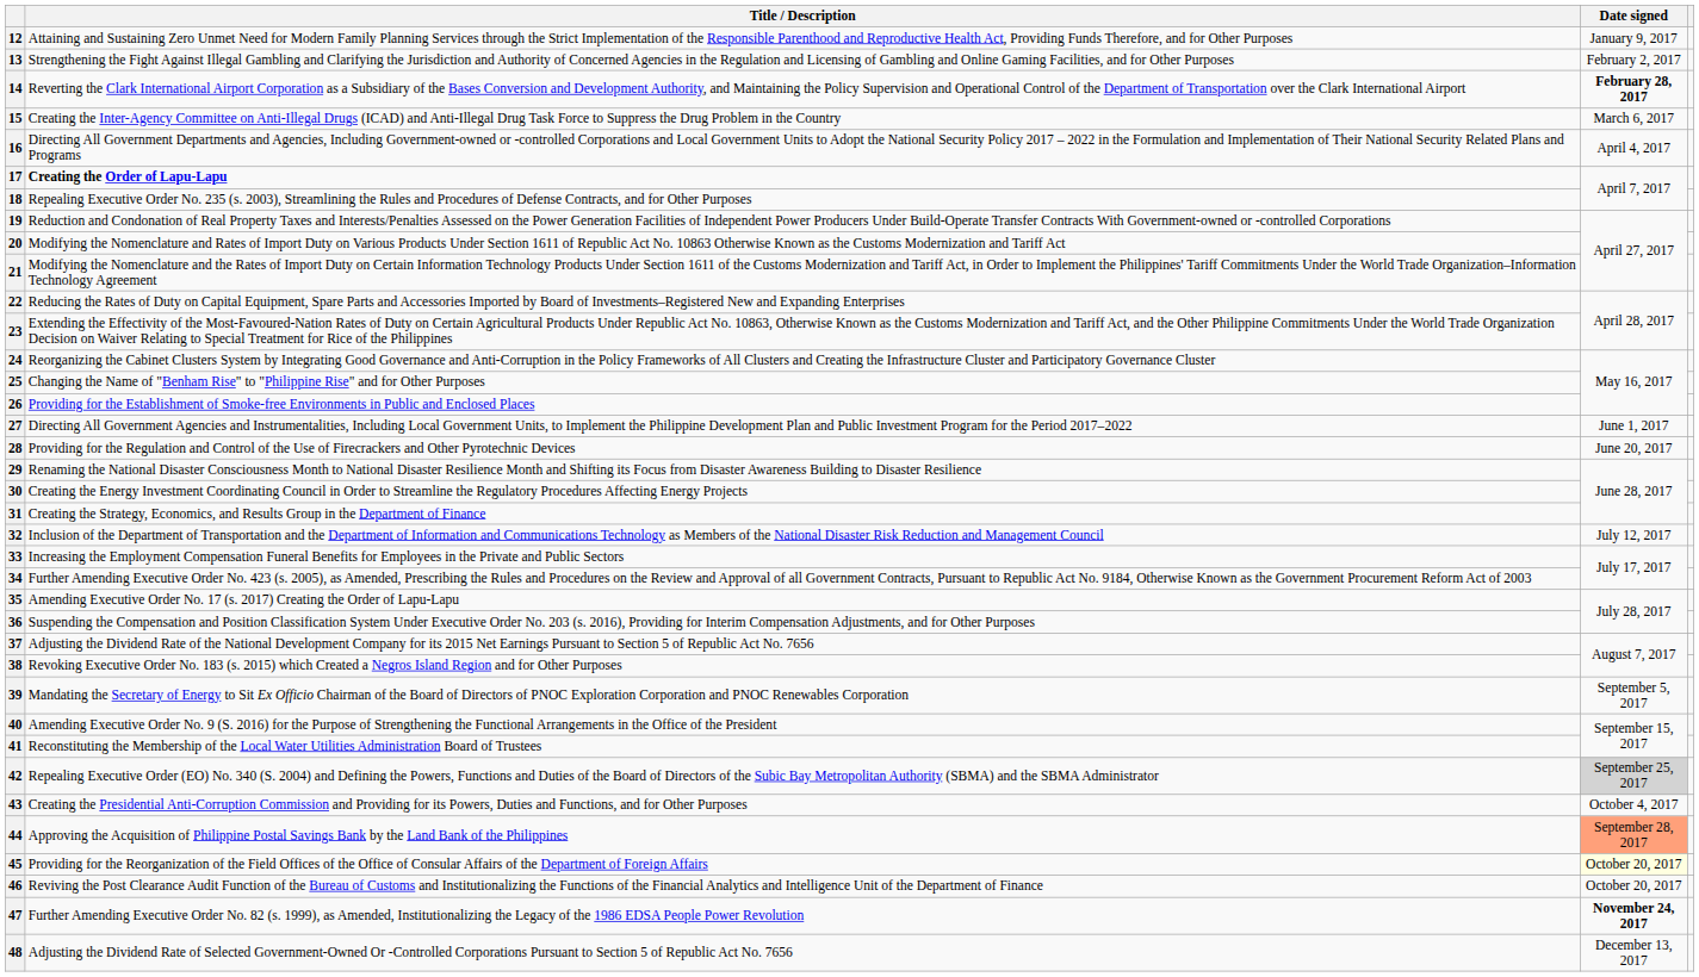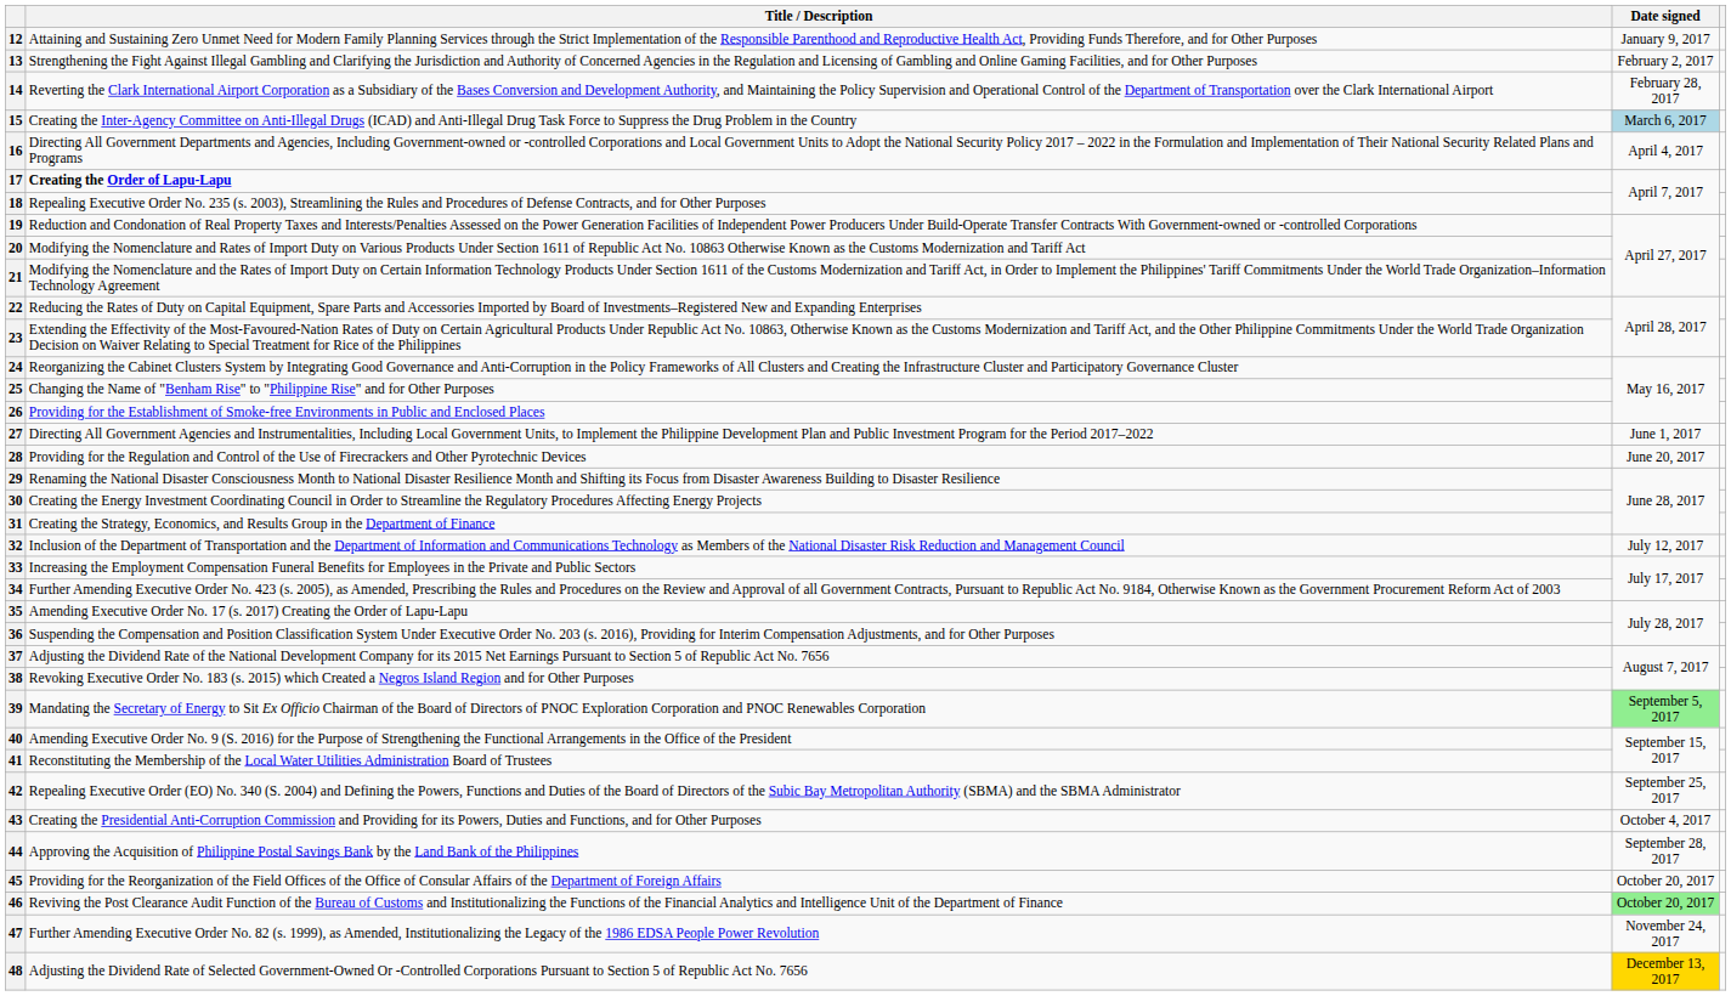 <table class="wikitable sortable" style="text-align:center;">
 <tr>
 <th scope="col"></th>
 <th scope="col">Title / Description</th>
 <th scope="col">Date signed</th>
 <th scope="col" class="unsortable"></th>
 </tr>
 <tr>
 <th scope="row">12</th>
 <td style="text-align:left;">Attaining and Sustaining Zero Unmet Need for Modern Family Planning Services through the Strict Implementation of the <a href='#'>Responsible Parenthood and Reproductive Health Act</a>, Providing Funds Therefore, and for Other Purposes</td>
 <td>January 9, 2017</td>
 <td></td>
 </tr>
 <tr>
 <th scope="row">13</th>
 <td style="text-align:left;">Strengthening the Fight Against Illegal Gambling and Clarifying the Jurisdiction and Authority of Concerned Agencies in the Regulation and Licensing of Gambling and Online Gaming Facilities, and for Other Purposes</td>
 <td>February 2, 2017</td>
 <td></td>
 </tr>
 <tr>
 <th scope="row">14</th>
 <td style="text-align:left;">Reverting the <a href='#'>Clark International Airport Corporation</a> as a Subsidiary of the <a href='#'>Bases Conversion and Development Authority</a>, and Maintaining the Policy Supervision and Operational Control of the <a href='#'>Department of Transportation</a> over the Clark International Airport</td>
-<td><strong>February 28, 2017</strong></td>
+<td>February 28, 2017</td>
 <td></td>
 </tr>
 <tr>
 <th scope="row">15</th>
 <td style="text-align:left;">Creating the <a href='#'>Inter-Agency Committee on Anti-Illegal Drugs</a> (ICAD) and Anti-Illegal Drug Task Force to Suppress the Drug Problem in the Country</td>
-<td>March 6, 2017</td>
+<td style="background: lightblue;">March 6, 2017</td>
 <td></td>
 </tr>
 <tr>
 <th scope="row">16</th>
 <td style="text-align:left;">Directing All Government Departments and Agencies, Including Government-owned or -controlled Corporations and Local Government Units to Adopt the National Security Policy 2017 – 2022 in the Formulation and Implementation of Their National Security Related Plans and Programs</td>
 <td>April 4, 2017</td>
 <td></td>
 </tr>
 <tr>
 <th scope="row">17</th>
 <td style="text-align:left;"><strong>Creating the <a href='#'>Order of Lapu-Lapu</a></strong></td>
 <td rowspan="2">April 7, 2017</td>
 <td></td>
 </tr>
 <tr>
 <th scope="row">18</th>
 <td style="text-align:left;">Repealing Executive Order No. 235 (s. 2003), Streamlining the Rules and Procedures of Defense Contracts, and for Other Purposes</td>
 <td></td>
 </tr>
 <tr>
 <th scope="row">19</th>
 <td style="text-align:left;">Reduction and Condonation of Real Property Taxes and Interests/Penalties Assessed on the Power Generation Facilities of Independent Power Producers Under Build-Operate Transfer Contracts With Government-owned or -controlled Corporations</td>
 <td rowspan="3">April 27, 2017</td>
 <td></td>
 </tr>
 <tr>
 <th scope="row">20</th>
 <td style="text-align:left;">Modifying the Nomenclature and Rates of Import Duty on Various Products Under Section 1611 of Republic Act No. 10863 Otherwise Known as the Customs Modernization and Tariff Act</td>
 <td></td>
 </tr>
 <tr>
 <th scope="row">21</th>
 <td style="text-align:left;">Modifying the Nomenclature and the Rates of Import Duty on Certain Information Technology Products Under Section 1611 of the Customs Modernization and Tariff Act, in Order to Implement the Philippines' Tariff Commitments Under the World Trade Organization–Information Technology Agreement</td>
 <td></td>
 </tr>
 <tr>
 <th scope="row">22</th>
 <td style="text-align:left;">Reducing the Rates of Duty on Capital Equipment, Spare Parts and Accessories Imported by Board of Investments–Registered New and Expanding Enterprises</td>
 <td rowspan="2">April 28, 2017</td>
 <td></td>
 </tr>
 <tr>
 <th scope="row">23</th>
 <td style="text-align:left;">Extending the Effectivity of the Most-Favoured-Nation Rates of Duty on Certain Agricultural Products Under Republic Act No. 10863, Otherwise Known as the Customs Modernization and Tariff Act, and the Other Philippine Commitments Under the World Trade Organization Decision on Waiver Relating to Special Treatment for Rice of the Philippines</td>
 <td></td>
 </tr>
 <tr>
 <th scope="row">24</th>
 <td style="text-align:left;">Reorganizing the Cabinet Clusters System by Integrating Good Governance and Anti-Corruption in the Policy Frameworks of All Clusters and Creating the Infrastructure Cluster and Participatory Governance Cluster</td>
 <td rowspan="3">May 16, 2017</td>
 <td></td>
 </tr>
 <tr>
 <th scope="row">25</th>
 <td style="text-align:left;">Changing the Name of "<a href='#'>Benham Rise</a>" to "<a href='#'>Philippine Rise</a>" and for Other Purposes</td>
 <td></td>
 </tr>
 <tr>
 <th scope="row">26</th>
 <td style="text-align:left;"><a href='#'>Providing for the Establishment of Smoke-free Environments in Public and Enclosed Places</a></td>
 <td></td>
 </tr>
 <tr>
 <th scope="row">27</th>
 <td style="text-align:left;">Directing All Government Agencies and Instrumentalities, Including Local Government Units, to Implement the Philippine Development Plan and Public Investment Program for the Period 2017–2022</td>
 <td>June 1, 2017</td>
 <td></td>
 </tr>
 <tr>
 <th scope="row">28</th>
 <td style="text-align:left;">Providing for the Regulation and Control of the Use of Firecrackers and Other Pyrotechnic Devices</td>
 <td>June 20, 2017</td>
 <td></td>
 </tr>
 <tr>
 <th scope="row">29</th>
 <td style="text-align:left;">Renaming the National Disaster Consciousness Month to National Disaster Resilience Month and Shifting its Focus from Disaster Awareness Building to Disaster Resilience</td>
 <td rowspan="3">June 28, 2017</td>
 <td></td>
 </tr>
 <tr>
 <th scope="row">30</th>
 <td style="text-align:left;">Creating the Energy Investment Coordinating Council in Order to Streamline the Regulatory Procedures Affecting Energy Projects</td>
 <td></td>
 </tr>
 <tr>
 <th scope="row">31</th>
 <td style="text-align:left;">Creating the Strategy, Economics, and Results Group in the <a href='#'>Department of Finance</a></td>
 <td></td>
 </tr>
 <tr>
 <th scope="row">32</th>
 <td style="text-align:left;">Inclusion of the Department of Transportation and the <a href='#'>Department of Information and Communications Technology</a> as Members of the <a href='#'>National Disaster Risk Reduction and Management Council</a></td>
 <td>July 12, 2017</td>
 <td></td>
 </tr>
 <tr>
 <th scope="row">33</th>
 <td style="text-align:left;">Increasing the Employment Compensation Funeral Benefits for Employees in the Private and Public Sectors</td>
 <td rowspan="2">July 17, 2017</td>
 <td></td>
 </tr>
 <tr>
 <th scope="row">34</th>
 <td style="text-align:left;">Further Amending Executive Order No. 423 (s. 2005), as Amended, Prescribing the Rules and Procedures on the Review and Approval of all Government Contracts, Pursuant to Republic Act No. 9184, Otherwise Known as the Government Procurement Reform Act of 2003</td>
 <td></td>
 </tr>
 <tr>
 <th scope="row">35</th>
 <td style="text-align:left;">Amending Executive Order No. 17 (s. 2017) Creating the Order of Lapu-Lapu</td>
 <td rowspan="2">July 28, 2017</td>
 <td></td>
 </tr>
 <tr>
 <th scope="row">36</th>
 <td style="text-align:left;">Suspending the Compensation and Position Classification System Under Executive Order No. 203 (s. 2016), Providing for Interim Compensation Adjustments, and for Other Purposes</td>
 <td></td>
 </tr>
 <tr>
 <th scope="row">37</th>
 <td style="text-align:left;">Adjusting the Dividend Rate of the National Development Company for its 2015 Net Earnings Pursuant to Section 5 of Republic Act No. 7656</td>
 <td rowspan="2">August 7, 2017</td>
 <td></td>
 </tr>
 <tr>
 <th scope="row">38</th>
 <td style="text-align:left;">Revoking Executive Order No. 183 (s. 2015) which Created a <a href='#'>Negros Island Region</a> and for Other Purposes</td>
 <td></td>
 </tr>
 <tr>
 <th scope="row">39</th>
 <td style="text-align:left;">Mandating the <a href='#'>Secretary of Energy</a> to Sit <em>Ex Officio</em> Chairman of the Board of Directors of PNOC Exploration Corporation and PNOC Renewables Corporation</td>
-<td>September 5, 2017</td>
+<td style="background: lightgreen;">September 5, 2017</td>
 <td></td>
 </tr>
 <tr>
 <th scope="row">40</th>
 <td style="text-align:left;">Amending Executive Order No. 9 (S. 2016) for the Purpose of Strengthening the Functional Arrangements in the Office of the President</td>
 <td rowspan="2">September 15, 2017</td>
 <td></td>
 </tr>
 <tr>
 <th scope="row">41</th>
 <td style="text-align:left;">Reconstituting the Membership of the <a href='#'>Local Water Utilities Administration</a> Board of Trustees</td>
 <td></td>
 </tr>
 <tr>
 <th scope="row">42</th>
 <td style="text-align:left;">Repealing Executive Order (EO) No. 340 (S. 2004) and Defining the Powers, Functions and Duties of the Board of Directors of the <a href='#'>Subic Bay Metropolitan Authority</a> (SBMA) and the SBMA Administrator</td>
-<td style="background: lightgrey;">September 25, 2017</td>
+<td>September 25, 2017</td>
 <td></td>
 </tr>
 <tr>
 <th scope="row">43</th>
 <td style="text-align:left;">Creating the <a href='#'>Presidential Anti-Corruption Commission</a> and Providing for its Powers, Duties and Functions, and for Other Purposes</td>
 <td>October 4, 2017</td>
 <td></td>
 </tr>
 <tr>
 <th scope="row">44</th>
 <td style="text-align:left;">Approving the Acquisition of <a href='#'>Philippine Postal Savings Bank</a> by the <a href='#'>Land Bank of the Philippines</a></td>
-<td style="background: lightsalmon;">September 28, 2017</td>
+<td>September 28, 2017</td>
 <td></td>
 </tr>
 <tr>
 <th scope="row">45</th>
 <td style="text-align:left;">Providing for the Reorganization of the Field Offices of the Office of Consular Affairs of the <a href='#'>Department of Foreign Affairs</a></td>
-<td style="background: lightyellow;">October 20, 2017</td>
+<td>October 20, 2017</td>
 <td></td>
 </tr>
 <tr>
 <th scope="row">46</th>
 <td style="text-align:left;">Reviving the Post Clearance Audit Function of the <a href='#'>Bureau of Customs</a> and Institutionalizing the Functions of the Financial Analytics and Intelligence Unit of the Department of Finance</td>
-<td>October 20, 2017</td>
+<td style="background: lightgreen;">October 20, 2017</td>
 <td></td>
 </tr>
 <tr>
 <th scope="row">47</th>
 <td style="text-align:left;">Further Amending Executive Order No. 82 (s. 1999), as Amended, Institutionalizing the Legacy of the <a href='#'>1986 EDSA People Power Revolution</a></td>
-<td><strong>November 24, 2017</strong></td>
+<td>November 24, 2017</td>
 <td></td>
 </tr>
 <tr>
 <th scope="row">48</th>
 <td style="text-align:left;">Adjusting the Dividend Rate of Selected Government-Owned Or -Controlled Corporations Pursuant to Section 5 of Republic Act No. 7656</td>
-<td>December 13, 2017</td>
+<td style="background: gold;">December 13, 2017</td>
 <td></td>
 </tr>
 </table>
